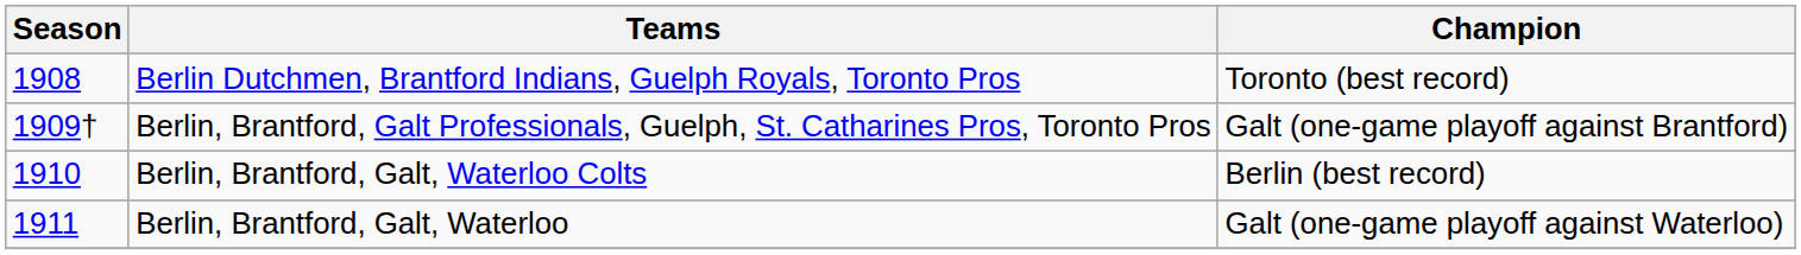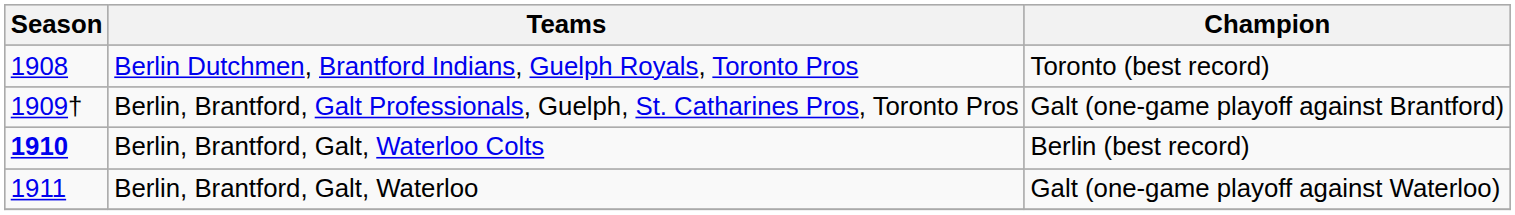 <table class="wikitable">
 <tr>
 <th>Season</th>
 <th>Teams</th>
 <th>Champion</th>
 </tr>
 <tr>
 <td><a href='#'>1908</a></td>
 <td><a href='#'>Berlin Dutchmen</a>, <a href='#'>Brantford Indians</a>, <a href='#'>Guelph Royals</a>, <a href='#'>Toronto Pros</a></td>
 <td>Toronto (best record)</td>
 </tr>
 <tr>
 <td><a href='#'>1909</a>†</td>
 <td>Berlin, Brantford, <a href='#'>Galt Professionals</a>, Guelph, <a href='#'>St. Catharines Pros</a>, Toronto Pros</td>
 <td>Galt (one-game playoff against Brantford)</td>
 </tr>
 <tr>
-<td><a href='#'>1910</a></td>
+<td><strong><a href='#'>1910</a></strong></td>
 <td>Berlin, Brantford, Galt, <a href='#'>Waterloo Colts</a></td>
 <td>Berlin (best record)</td>
 </tr>
 <tr>
 <td><a href='#'>1911</a></td>
 <td>Berlin, Brantford, Galt, Waterloo</td>
 <td>Galt (one-game playoff against Waterloo)</td>
 </tr>
 <tr>
 </tr>
 </table>
